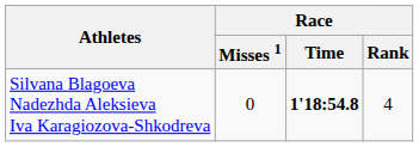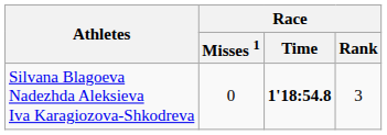 <table class="wikitable" border="1" style="font-size:90%">
 <tr>
 <th rowspan=2>Athletes</th>
 <th colspan=3>Race</th>
 </tr>
 <tr>
 <th>Misses <sup>1</sup></th>
 <th>Time</th>
 <th>Rank</th>
 </tr>
 <tr>
 <td><a href='#'>Silvana Blagoeva</a><br><a href='#'>Nadezhda Aleksieva</a><br><a href='#'>Iva Karagiozova-Shkodreva</a></td>
 <td align=center>0</td>
 <td align=center><strong>1'18:54.8</strong></td>
-<td align=center>4</td>
+<td align=center>3</td>
 </tr>
 </table>
